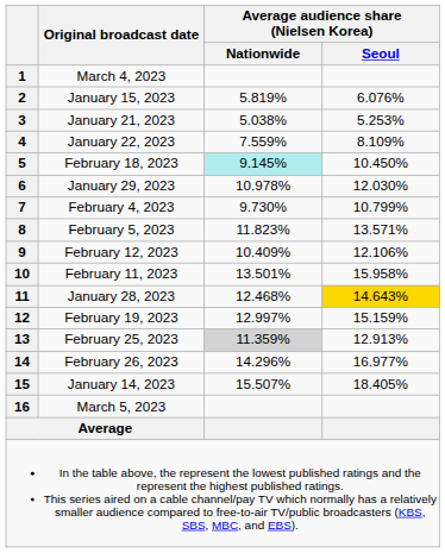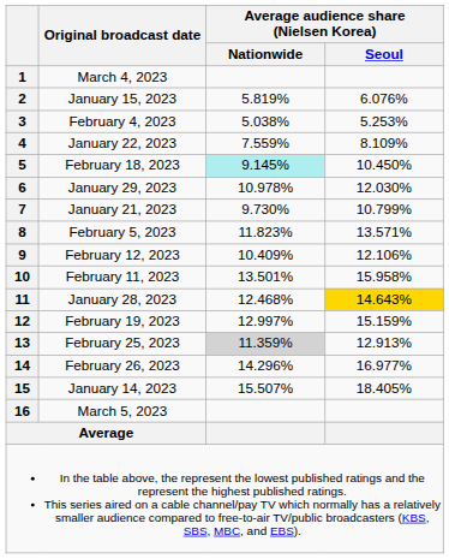 <table class="wikitable" style="margin-left:auto; margin-right:auto; width:500px; text-align:center">
 <tr>
 <th scope="col" rowspan="2"></th>
 <th scope="col" rowspan="2">Original broadcast date</th>
 <th scope="col" colspan="2">Average audience share<br>(Nielsen Korea)</th>
 </tr>
 <tr>
 <th scope="col" style="width:8em">Nationwide</th>
 <th scope="col" style="width:8em"><a href='#'>Seoul</a></th>
 </tr>
 <tr>
 <th scope="row">1</th>
 <td>March 4, 2023</td>
 <td><strong></strong> </td>
 <td><strong></strong> </td>
 </tr>
 <tr>
 <th scope="row">2</th>
 <td>January 15, 2023</td>
 <td>5.819% </td>
 <td>6.076% </td>
 </tr>
 <tr>
 <th scope="row">3</th>
-<td>January 21, 2023</td>
+<td>February 4, 2023</td>
 <td>5.038% </td>
 <td>5.253% </td>
 </tr>
 <tr>
 <th scope="row">4</th>
 <td>January 22, 2023</td>
 <td>7.559% </td>
 <td>8.109% </td>
 </tr>
 <tr>
 <th scope="row">5</th>
 <td>February 18, 2023</td>
 <td style="background: paleturquoise;">9.145% </td>
 <td>10.450% </td>
 </tr>
 <tr>
 <th scope="row">6</th>
 <td>January 29, 2023</td>
 <td>10.978% </td>
 <td>12.030% </td>
 </tr>
 <tr>
 <th scope="row">7</th>
-<td>February 4, 2023</td>
+<td>January 21, 2023</td>
 <td>9.730% </td>
 <td>10.799% </td>
 </tr>
 <tr>
 <th scope="row">8</th>
 <td>February 5, 2023</td>
 <td>11.823% </td>
 <td>13.571% </td>
 </tr>
 <tr>
 <th scope="row">9</th>
 <td>February 12, 2023</td>
 <td>10.409% </td>
 <td>12.106% </td>
 </tr>
 <tr>
 <th scope="row">10</th>
 <td>February 11, 2023</td>
 <td>13.501% </td>
 <td>15.958% </td>
 </tr>
 <tr>
 <th scope="row">11</th>
 <td>January 28, 2023</td>
 <td>12.468% </td>
 <td style="background: gold;">14.643% </td>
 </tr>
 <tr>
 <th scope="row">12</th>
 <td>February 19, 2023</td>
 <td>12.997% </td>
 <td>15.159% </td>
 </tr>
 <tr>
 <th scope="row">13</th>
 <td>February 25, 2023</td>
 <td style="background: lightgrey;">11.359% </td>
 <td>12.913% </td>
 </tr>
 <tr>
 <th scope="row">14</th>
 <td>February 26, 2023</td>
 <td>14.296% </td>
 <td>16.977% </td>
 </tr>
 <tr>
 <th scope="row">15</th>
 <td>January 14, 2023</td>
 <td>15.507% </td>
 <td>18.405% </td>
 </tr>
 <tr>
 <th scope="row">16</th>
 <td>March 5, 2023</td>
 <td><strong></strong> </td>
 <td><strong></strong> </td>
 </tr>
 <tr>
 <th scope="col" colspan="2">Average</th>
 <th scope="col"></th>
 <th scope="col"></th>
 </tr>
 <tr>
 <td colspan="5" style="font-size:85%"><br><ul><li>In the table above, the <strong></strong> represent the lowest published ratings and the <strong></strong> represent the highest published ratings.</li><li>This series aired on a cable channel/pay TV which normally has a relatively smaller audience compared to free-to-air TV/public broadcasters (<a href='#'>KBS</a>, <a href='#'>SBS</a>, <a href='#'>MBC</a>, and <a href='#'>EBS</a>).</li></ul></td>
 </tr>
 </table>
